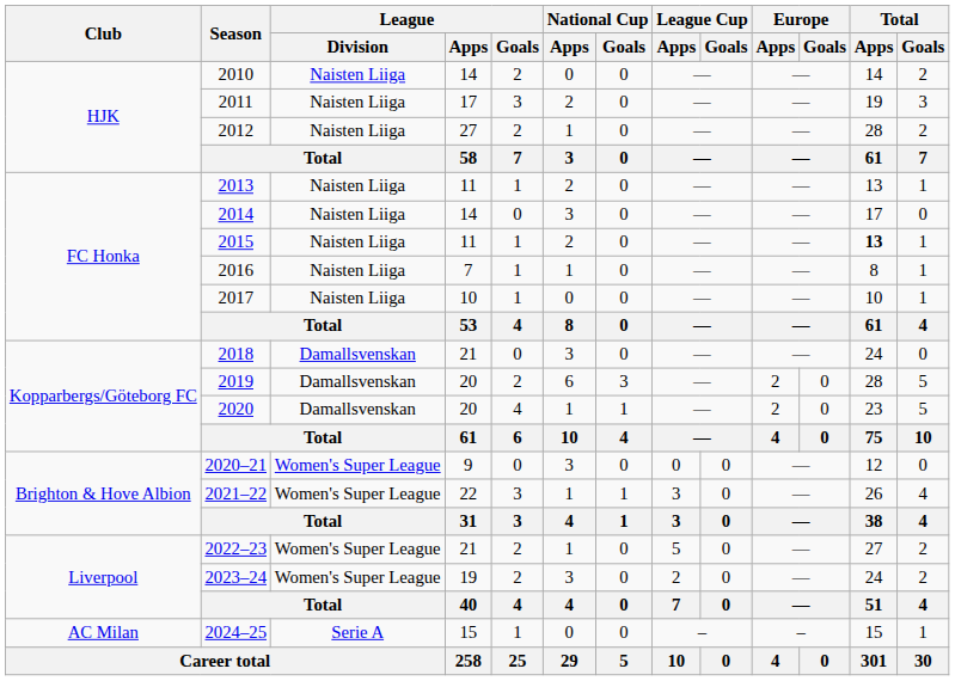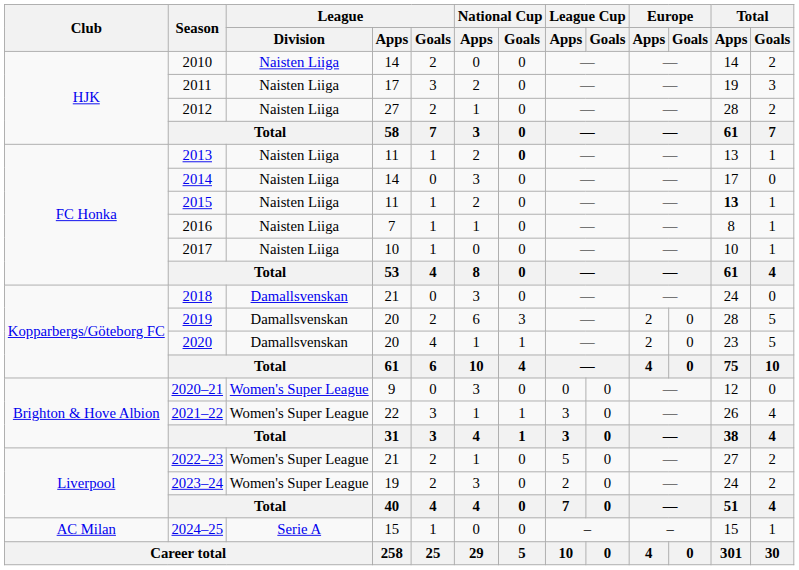 <table class="wikitable" style="text-align: center">
 <tr>
 <th rowspan="2">Club</th>
 <th rowspan="2">Season</th>
 <th colspan="3">League</th>
 <th colspan="2">National Cup</th>
 <th colspan="2">League Cup</th>
 <th colspan="2">Europe</th>
 <th colspan="2">Total</th>
 </tr>
 <tr>
 <th>Division</th>
 <th>Apps</th>
 <th>Goals</th>
 <th>Apps</th>
 <th>Goals</th>
 <th>Apps</th>
 <th>Goals</th>
 <th>Apps</th>
 <th>Goals</th>
 <th>Apps</th>
 <th>Goals</th>
 </tr>
 <tr>
 <td rowspan="4"><a href='#'>HJK</a></td>
 <td>2010</td>
 <td><a href='#'>Naisten Liiga</a></td>
 <td>14</td>
 <td>2</td>
 <td>0</td>
 <td>0</td>
 <td colspan="2">—</td>
 <td colspan="2">—</td>
 <td>14</td>
 <td>2</td>
 </tr>
 <tr>
 <td>2011</td>
 <td>Naisten Liiga</td>
 <td>17</td>
 <td>3</td>
 <td>2</td>
 <td>0</td>
 <td colspan="2">—</td>
 <td colspan="2">—</td>
 <td>19</td>
 <td>3</td>
 </tr>
 <tr>
 <td>2012</td>
 <td>Naisten Liiga</td>
 <td>27</td>
 <td>2</td>
 <td>1</td>
 <td>0</td>
 <td colspan="2">—</td>
 <td colspan="2">—</td>
 <td>28</td>
 <td>2</td>
 </tr>
 <tr>
 <th colspan="2">Total</th>
 <th>58</th>
 <th>7</th>
 <th>3</th>
 <th>0</th>
 <th colspan="2">—</th>
 <th colspan="2">—</th>
 <th>61</th>
 <th>7</th>
 </tr>
 <tr>
 <td rowspan="6"><a href='#'>FC Honka</a></td>
 <td><a href='#'>2013</a></td>
 <td>Naisten Liiga</td>
 <td>11</td>
 <td>1</td>
 <td>2</td>
-<td>0</td>
+<td><strong>0</strong></td>
 <td colspan="2">—</td>
 <td colspan="2">—</td>
 <td>13</td>
 <td>1</td>
 </tr>
 <tr>
 <td><a href='#'>2014</a></td>
 <td>Naisten Liiga</td>
 <td>14</td>
 <td>0</td>
 <td>3</td>
 <td>0</td>
 <td colspan="2">—</td>
 <td colspan="2">—</td>
 <td>17</td>
 <td>0</td>
 </tr>
 <tr>
 <td><a href='#'>2015</a></td>
 <td>Naisten Liiga</td>
 <td>11</td>
 <td>1</td>
 <td>2</td>
 <td>0</td>
 <td colspan="2">—</td>
 <td colspan="2">—</td>
 <td><strong>13</strong></td>
 <td>1</td>
 </tr>
 <tr>
 <td>2016</td>
 <td>Naisten Liiga</td>
 <td>7</td>
 <td>1</td>
 <td>1</td>
 <td>0</td>
 <td colspan="2">—</td>
 <td colspan="2">—</td>
 <td>8</td>
 <td>1</td>
 </tr>
 <tr>
 <td>2017</td>
 <td>Naisten Liiga</td>
 <td>10</td>
 <td>1</td>
 <td>0</td>
 <td>0</td>
 <td colspan="2">—</td>
 <td colspan="2">—</td>
 <td>10</td>
 <td>1</td>
 </tr>
 <tr>
 <th colspan="2">Total</th>
 <th>53</th>
 <th>4</th>
 <th>8</th>
 <th>0</th>
 <th colspan="2">—</th>
 <th colspan="2">—</th>
 <th>61</th>
 <th>4</th>
 </tr>
 <tr>
 <td rowspan="4"><a href='#'>Kopparbergs/Göteborg FC</a></td>
 <td><a href='#'>2018</a></td>
 <td><a href='#'>Damallsvenskan</a></td>
 <td>21</td>
 <td>0</td>
 <td>3</td>
 <td>0</td>
 <td colspan=2>—</td>
 <td colspan="2">—</td>
 <td>24</td>
 <td>0</td>
 </tr>
 <tr>
 <td><a href='#'>2019</a></td>
 <td>Damallsvenskan</td>
 <td>20</td>
 <td>2</td>
 <td>6</td>
 <td>3</td>
 <td colspan=2>—</td>
 <td>2</td>
 <td>0</td>
 <td>28</td>
 <td>5</td>
 </tr>
 <tr>
 <td><a href='#'>2020</a></td>
 <td>Damallsvenskan</td>
 <td>20</td>
 <td>4</td>
 <td>1</td>
 <td>1</td>
 <td colspan=2>—</td>
 <td>2</td>
 <td>0</td>
 <td>23</td>
 <td>5</td>
 </tr>
 <tr>
 <th colspan="2">Total</th>
 <th>61</th>
 <th>6</th>
 <th>10</th>
 <th>4</th>
 <th colspan=2>—</th>
 <th>4</th>
 <th>0</th>
 <th>75</th>
 <th>10</th>
 </tr>
 <tr>
 <td rowspan="3"><a href='#'>Brighton & Hove Albion</a></td>
 <td><a href='#'>2020–21</a></td>
 <td><a href='#'>Women's Super League</a></td>
 <td>9</td>
 <td>0</td>
 <td>3</td>
 <td>0</td>
 <td>0</td>
 <td>0</td>
 <td colspan="2">—</td>
 <td>12</td>
 <td>0</td>
 </tr>
 <tr>
 <td><a href='#'>2021–22</a></td>
 <td>Women's Super League</td>
 <td>22</td>
 <td>3</td>
 <td>1</td>
 <td>1</td>
 <td>3</td>
 <td>0</td>
 <td colspan="2">—</td>
 <td>26</td>
 <td>4</td>
 </tr>
 <tr>
 <th colspan="2">Total</th>
 <th>31</th>
 <th>3</th>
 <th>4</th>
 <th>1</th>
 <th>3</th>
 <th>0</th>
 <th colspan=2>—</th>
 <th>38</th>
 <th>4</th>
 </tr>
 <tr>
 <td rowspan="3"><a href='#'>Liverpool</a></td>
 <td><a href='#'>2022–23</a></td>
 <td>Women's Super League</td>
 <td>21</td>
 <td>2</td>
 <td>1</td>
 <td>0</td>
 <td>5</td>
 <td>0</td>
 <td colspan="2">—</td>
 <td>27</td>
 <td>2</td>
 </tr>
 <tr>
 <td><a href='#'>2023–24</a></td>
 <td>Women's Super League</td>
 <td>19</td>
 <td>2</td>
 <td>3</td>
 <td>0</td>
 <td>2</td>
 <td>0</td>
 <td colspan="2">—</td>
 <td>24</td>
 <td>2</td>
 </tr>
 <tr>
 <th colspan="2">Total</th>
 <th>40</th>
 <th>4</th>
 <th>4</th>
 <th>0</th>
 <th>7</th>
 <th>0</th>
 <th colspan="2">—</th>
 <th>51</th>
 <th>4</th>
 </tr>
 <tr>
 <td><a href='#'>AC Milan</a></td>
 <td><a href='#'>2024–25</a></td>
 <td><a href='#'>Serie A</a></td>
 <td>15</td>
 <td>1</td>
 <td>0</td>
 <td>0</td>
 <td colspan=2>–</td>
 <td colspan=2>–</td>
 <td>15</td>
 <td>1</td>
 </tr>
 <tr>
 <th colspan="3">Career total</th>
 <th>258</th>
 <th>25</th>
 <th>29</th>
 <th>5</th>
 <th>10</th>
 <th>0</th>
 <th>4</th>
 <th>0</th>
 <th>301</th>
 <th>30</th>
 </tr>
 </table>
